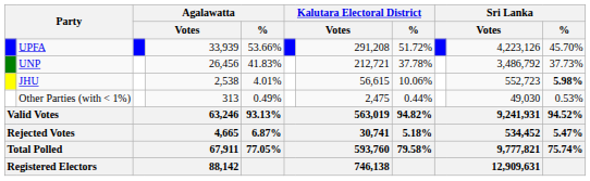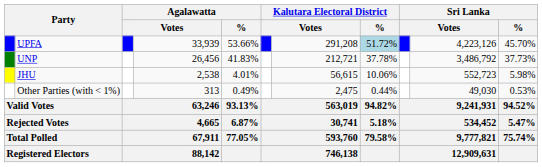 <table class="wikitable">
 <tr>
 <th colspan="2" width="144px"rowspan="2">Party</th>
 <th colspan="3" width="216px">Agalawatta</th>
 <th colspan="3" width="216px"><a href='#'>Kalutara Electoral District</a></th>
 <th colspan="3" width="216px">Sri Lanka</th>
 </tr>
 <tr>
 <th colspan="2" width="144px">Votes</th>
 <th>%</th>
 <th colspan="2" width="144px">Votes</th>
 <th>%</th>
 <th colspan="2" width="144px">Votes</th>
 <th>%</th>
 </tr>
 <tr>
 <td style="background-color:blue;" width="10px"></td>
 <td style="text-align:left;"><a href='#'>UPFA</a></td>
 <td style="background-color:blue;" width="10px"></td>
 <td style="text-align:right;">33,939</td>
 <td style="text-align:right;">53.66%</td>
 <td style="background-color:blue;" width="10px"></td>
 <td style="text-align:right;">291,208</td>
-<td style="text-align:right;">51.72%</td>
+<td style="background: lightblue; text-align:right;">51.72%</td>
 <td style="background-color:blue;" width="10px"></td>
 <td style="text-align:right;">4,223,126</td>
 <td style="text-align:right;">45.70%</td>
 </tr>
 <tr>
 <td style="background-color:green;" width="10px"></td>
 <td style="text-align:left;"><a href='#'>UNP</a></td>
 <td style="background-color:white;" width="10px"></td>
 <td style="text-align:right;">26,456</td>
 <td style="text-align:right;">41.83%</td>
 <td style="background-color:white;" width="10px"></td>
 <td style="text-align:right;">212,721</td>
 <td style="text-align:right;">37.78%</td>
 <td style="background-color:white;" width="10px"></td>
 <td style="text-align:right;">3,486,792</td>
 <td style="text-align:right;">37.73%</td>
 </tr>
 <tr>
 <td style="background-color:yellow;" width="10px"></td>
 <td style="text-align:left;"><a href='#'>JHU</a></td>
 <td style="background-color:white;" width="10px"></td>
 <td style="text-align:right;">2,538</td>
 <td style="text-align:right;">4.01%</td>
 <td style="background-color:white;" width="10px"></td>
 <td style="text-align:right;">56,615</td>
 <td style="text-align:right;">10.06%</td>
 <td style="background-color:white;" width="10px"></td>
 <td style="text-align:right;">552,723</td>
-<td style="text-align:right;"><strong>5.98%</strong></td>
+<td style="text-align:right;">5.98%</td>
 </tr>
 <tr>
 <td style="background-color:white;" width="10px"></td>
 <td style="text-align:left;">Other Parties (with < 1%)</td>
 <td style="background-color:white;" width="10px"></td>
 <td style="text-align:right;">313</td>
 <td style="text-align:right;">0.49%</td>
 <td style="background-color:white;" width="10px"></td>
 <td style="text-align:right;">2,475</td>
 <td style="text-align:right;">0.44%</td>
 <td style="background-color:white;" width="10px"></td>
 <td style="text-align:right;">49,030</td>
 <td style="text-align:right;">0.53%</td>
 </tr>
 <tr>
 <th colspan="2" width="144px"style="text-align:left;">Valid Votes</th>
 <th style="text-align:right;"colspan="2" width="144px">63,246</th>
 <th style="text-align:right;">93.13%</th>
 <th style="text-align:right;"colspan="2" width="144px">563,019</th>
 <th style="text-align:right;">94.82%</th>
 <th style="text-align:right;"colspan="2" width="144px">9,241,931</th>
 <th style="text-align:right;">94.52%</th>
 </tr>
 <tr>
 <th colspan="2" width="144px"style="text-align:left;">Rejected Votes</th>
 <th style="text-align:right;"colspan="2" width="144px">4,665</th>
 <th style="text-align:right;">6.87%</th>
 <th style="text-align:right;"colspan="2" width="144px">30,741</th>
 <th style="text-align:right;">5.18%</th>
 <th style="text-align:right;"colspan="2" width="144px">534,452</th>
 <th style="text-align:right;">5.47%</th>
 </tr>
 <tr>
 <th colspan="2" width="144px"style="text-align:left;">Total Polled</th>
 <th style="text-align:right;"colspan="2" width="144px">67,911</th>
 <th style="text-align:right;">77.05%</th>
 <th style="text-align:right;"colspan="2" width="144px">593,760</th>
 <th style="text-align:right;">79.58%</th>
 <th style="text-align:right;"colspan="2" width="144px">9,777,821</th>
 <th style="text-align:right;">75.74%</th>
 </tr>
 <tr>
 <th colspan="2" width="144px"style="text-align:left;">Registered Electors</th>
 <th style="text-align:right;"colspan="2" width="144px">88,142</th>
 <th></th>
 <th style="text-align:right;"colspan="2" width="144px">746,138</th>
 <th></th>
 <th style="text-align:right;"colspan="2" width="144px">12,909,631</th>
 <th></th>
 </tr>
 </table>
